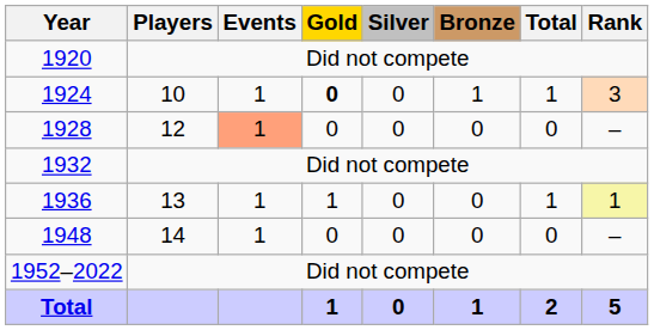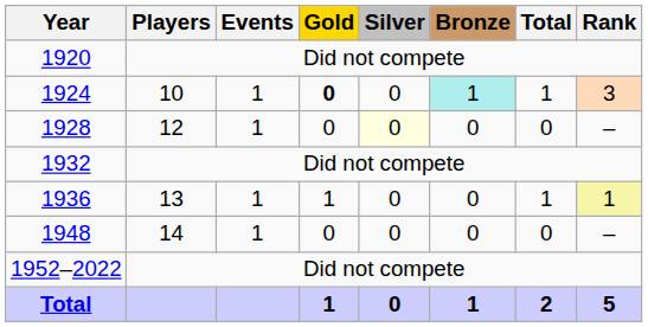 <table class="wikitable sortable collapsible collapsed">
 <tr>
 <th>Year</th>
 <th>Players</th>
 <th>Events</th>
 <th style="text-align:center; background-color:gold;"><strong>Gold</strong></th>
 <th style="text-align:center; background-color:silver;"><strong>Silver</strong></th>
 <th style="text-align:center; background-color:#c96;"><strong>Bronze</strong></th>
 <th>Total</th>
 <th>Rank</th>
 </tr>
 <tr style="text-align:center">
 <td><a href='#'>1920</a></td>
 <td colspan=7>Did not compete</td>
 </tr>
 <tr style="text-align:center">
 <td><a href='#'>1924</a></td>
 <td>10</td>
 <td>1</td>
 <td><strong>0</strong></td>
 <td>0</td>
-<td>1</td>
+<td style="background: paleturquoise;">1</td>
 <td>1</td>
 <td style="background-color:#ffdab9">3</td>
 </tr>
 <tr style="text-align:center">
 <td><a href='#'>1928</a></td>
 <td>12</td>
-<td style="background: lightsalmon;">1</td>
+<td>1</td>
 <td>0</td>
-<td>0</td>
+<td style="background: lightyellow;">0</td>
 <td>0</td>
 <td>0</td>
 <td>–</td>
 </tr>
 <tr style="text-align:center">
 <td><a href='#'>1932</a></td>
 <td colspan=7>Did not compete</td>
 </tr>
 <tr style="text-align:center">
 <td><a href='#'>1936</a></td>
 <td>13</td>
 <td>1</td>
 <td>1</td>
 <td>0</td>
 <td>0</td>
 <td>1</td>
 <td style="background-color:#F7F6A8">1</td>
 </tr>
 <tr style="text-align:center">
 <td><a href='#'>1948</a></td>
 <td>14</td>
 <td>1</td>
 <td>0</td>
 <td>0</td>
 <td>0</td>
 <td>0</td>
 <td>–</td>
 </tr>
 <tr style="text-align:center">
 <td><a href='#'>1952</a>–<a href='#'>2022</a></td>
 <td colspan=7>Did not compete</td>
 </tr>
 <tr style="text-align:center; background-color:#ccf;">
 <td><strong><a href='#'>Total</a></strong></td>
 <td></td>
 <td></td>
 <td><strong>1</strong></td>
 <td><strong>0</strong></td>
 <td><strong>1</strong></td>
 <td><strong>2</strong></td>
 <td><strong>5</strong></td>
 </tr>
 </table>
